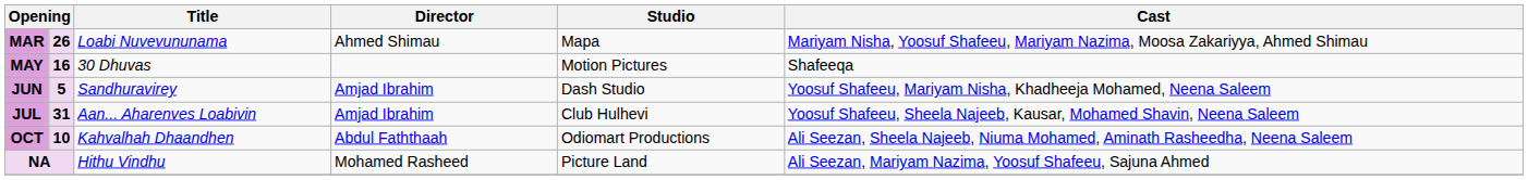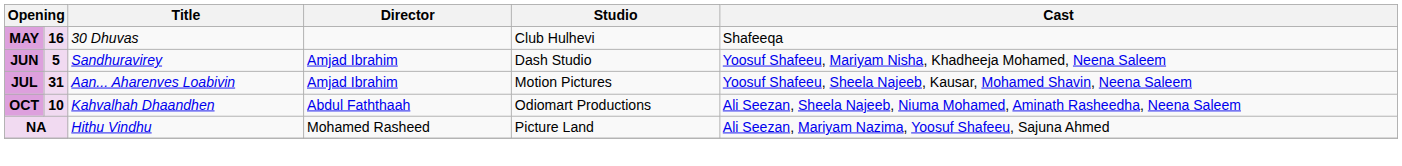 <table class="wikitable plainrowheaders" width="100%">
 <tr>
 <th scope="col" colspan="2" width=4%>Opening</th>
 <th scope="col" width=17%>Title</th>
 <th scope="col" width=15%>Director</th>
 <th scope="col" width=15%>Studio</th>
 <th scope="col" width=53%>Cast</th>
 </tr>
 <tr>
-<td style="text-align:center; background:plum; textcolor:#000;"><strong>MAR</strong></td>
-<td style="text-align:center; background:#f1daf1;"><strong>26</strong></td>
-<td><em><a href='#'>Loabi Nuvevununama</a></em></td>
-<td>Ahmed Shimau</td>
-<td>Mapa</td>
-<td><a href='#'>Mariyam Nisha</a>, <a href='#'>Yoosuf Shafeeu</a>, <a href='#'>Mariyam Nazima</a>, Moosa Zakariyya, Ahmed Shimau</td>
-</tr>
-<tr>
 <td style="text-align:center; background:plum; textcolor:#000;"><strong>MAY</strong></td>
 <td style="text-align:center; background:#f1daf1;"><strong>16</strong></td>
 <td><em>30 Dhuvas</em></td>
 <td></td>
-<td>Motion Pictures</td>
+<td>Club Hulhevi</td>
 <td>Shafeeqa</td>
 </tr>
 <tr>
 <td style="text-align:center; background:plum; textcolor:#000;"><strong>JUN</strong></td>
 <td style="text-align:center; background:#f1daf1;"><strong>5</strong></td>
 <td><em><a href='#'>Sandhuravirey</a></em></td>
 <td><a href='#'>Amjad Ibrahim</a></td>
 <td>Dash Studio</td>
 <td><a href='#'>Yoosuf Shafeeu</a>, <a href='#'>Mariyam Nisha</a>, Khadheeja Mohamed, <a href='#'>Neena Saleem</a></td>
 </tr>
 <tr>
 <td style="text-align:center; background:plum; textcolor:#000;"><strong>JUL</strong></td>
 <td style="text-align:center; background:#f1daf1;"><strong>31</strong></td>
 <td><em><a href='#'>Aan... Aharenves Loabivin</a></em></td>
 <td><a href='#'>Amjad Ibrahim</a></td>
-<td>Club Hulhevi</td>
+<td>Motion Pictures</td>
 <td><a href='#'>Yoosuf Shafeeu</a>, <a href='#'>Sheela Najeeb</a>, Kausar, <a href='#'>Mohamed Shavin</a>, <a href='#'>Neena Saleem</a></td>
 </tr>
 <tr>
 <td style="text-align:center; background:plum; textcolor:#000;"><strong>OCT</strong></td>
 <td style="text-align:center; background:#f1daf1;"><strong>10</strong></td>
 <td><em><a href='#'>Kahvalhah Dhaandhen</a></em></td>
 <td><a href='#'>Abdul Faththaah</a></td>
 <td>Odiomart Productions</td>
 <td><a href='#'>Ali Seezan</a>, <a href='#'>Sheela Najeeb</a>, <a href='#'>Niuma Mohamed</a>, <a href='#'>Aminath Rasheedha</a>, <a href='#'>Neena Saleem</a></td>
 </tr>
 <tr>
 <td style="text-align:center; background:#f1daf1;" colspan="2"><strong>NA</strong></td>
 <td><em><a href='#'>Hithu Vindhu</a></em></td>
 <td>Mohamed Rasheed</td>
 <td>Picture Land</td>
 <td><a href='#'>Ali Seezan</a>, <a href='#'>Mariyam Nazima</a>, <a href='#'>Yoosuf Shafeeu</a>, Sajuna Ahmed</td>
 </tr>
 <tr>
 </tr>
 </table>
